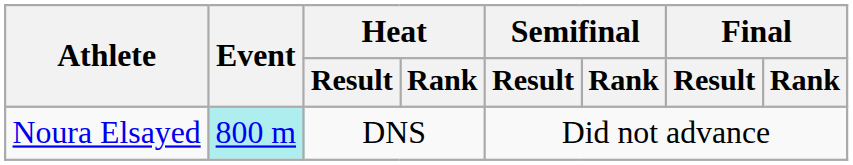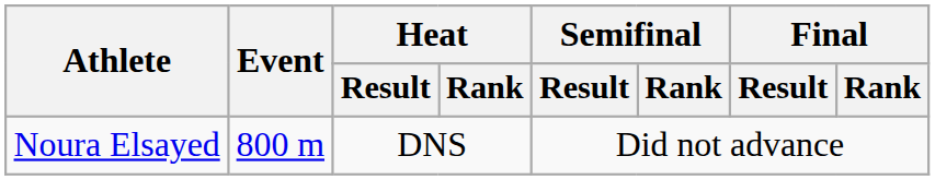 <table class="wikitable" style="font-size:90%">
 <tr>
 <th scope="col" rowspan="2">Athlete</th>
 <th scope="col" rowspan="2">Event</th>
 <th scope="col" colspan="2">Heat</th>
 <th scope="col" colspan="2">Semifinal</th>
 <th scope="col" colspan="2">Final</th>
 </tr>
 <tr style="font-size:95%">
 <th scope="col">Result</th>
 <th scope="col">Rank</th>
 <th scope="col">Result</th>
 <th scope="col">Rank</th>
 <th scope="col">Result</th>
 <th scope="col">Rank</th>
 </tr>
 <tr align=center>
 <td align=left><a href='#'>Noura Elsayed</a></td>
-<td align=left style="background: paleturquoise;"><a href='#'>800 m</a></td>
+<td align=left><a href='#'>800 m</a></td>
 <td colspan=2>DNS</td>
 <td colspan=4>Did not advance</td>
 </tr>
 </table>
